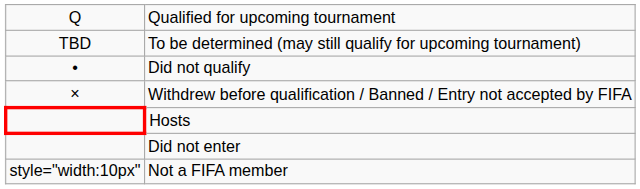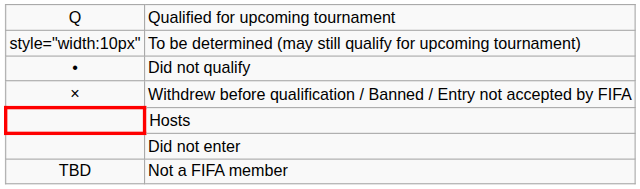 <table class="wikitable" style="font-size:90%">
 <tr>
 <td style="text-align:center;width:10px">Q</td>
 <td>Qualified for upcoming tournament</td>
 </tr>
 <tr>
-<td style="text-align:center;width:10px">TBD</td>
+<td>style="width:10px" </td>
 <td>To be determined (may still qualify for upcoming tournament)</td>
 </tr>
 <tr>
 <td style="text-align:center;width:10px">•</td>
 <td>Did not qualify</td>
 </tr>
 <tr>
 <td style="text-align:center;width:10px">×</td>
 <td>Withdrew before qualification / Banned / Entry not accepted by FIFA</td>
 </tr>
 <tr>
 <td style="width:10px;border:3px solid red"></td>
 <td>Hosts</td>
 </tr>
 <tr>
 <td style="width:10px"></td>
 <td>Did not enter</td>
 </tr>
 <tr>
-<td>style="width:10px" </td>
+<td style="text-align:center;width:10px">TBD</td>
 <td>Not a FIFA member</td>
 </tr>
 </table>
